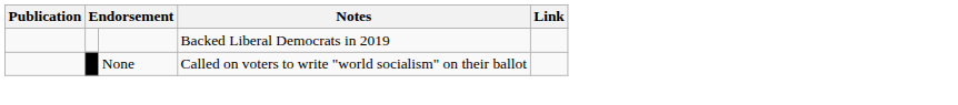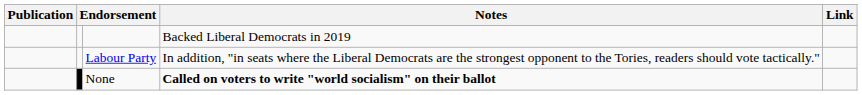 <table class="wikitable">
 <tr>
 <th>Publication</th>
 <th colspan=2>Endorsement</th>
 <th>Notes</th>
 <th>Link</th>
 </tr>
 <tr>
 <td></td>
 <td style="background-color: "></td>
 <td></td>
 <td>Backed Liberal Democrats in 2019</td>
 <td></td>
 </tr>
 <tr>
 <td></td>
+<td style="background-color: "></td>
+<td><a href='#'>Labour Party</a></td>
+<td>In addition, "in seats where the Liberal Democrats are the strongest opponent to the Tories, readers should vote tactically."</td>
+<td></td>
+</tr>
+<tr>
+<td></td>
 <td style="background-color:black"></td>
 <td>None</td>
-<td>Called on voters to write "world socialism" on their ballot</td>
+<td><strong>Called on voters to write "world socialism" on their ballot</strong></td>
 <td></td>
 </tr>
 </table>
